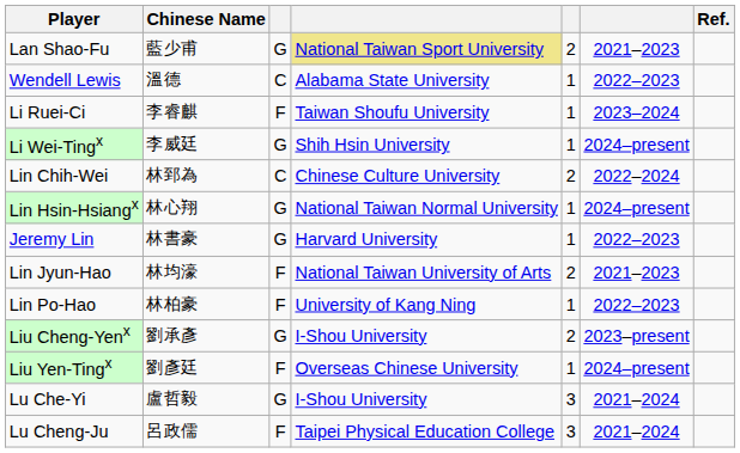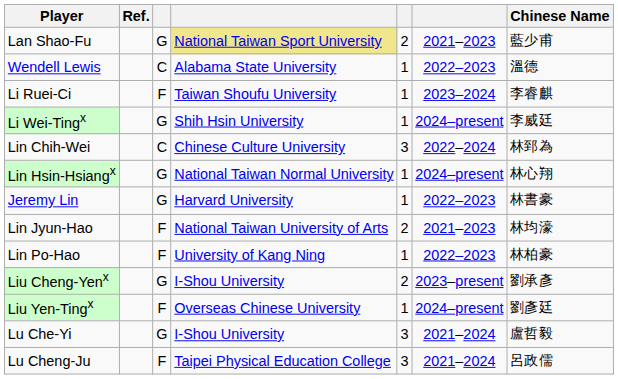 <table class="wikitable sortable" style="font-size:95%; text-align:left;">
 <tr>
 <th>Player</th>
-<th>Chinese Name</th>
+<th>Ref.</th>
 <th></th>
 <th></th>
 <th></th>
 <th></th>
-<th>Ref.</th>
+<th>Chinese Name</th>
 </tr>
 <tr>
 <td>Lan Shao-Fu</td>
-<td>藍少甫</td>
+<td></td>
 <td align="center">G</td>
 <td style="background: khaki;"><a href='#'>National Taiwan Sport University</a></td>
 <td align="center">2</td>
 <td align="center"><a href='#'>2021</a>–<a href='#'>2023</a></td>
-<td></td>
+<td>藍少甫</td>
 </tr>
 <tr>
 <td><a href='#'>Wendell Lewis</a></td>
-<td>溫德</td>
+<td></td>
 <td align="center">C</td>
 <td><a href='#'>Alabama State University</a></td>
 <td align="center">1</td>
 <td align="center"><a href='#'>2022–2023</a></td>
-<td></td>
+<td>溫德</td>
 </tr>
 <tr>
 <td>Li Ruei-Ci</td>
-<td>李睿麒</td>
+<td></td>
 <td align="center">F</td>
 <td><a href='#'>Taiwan Shoufu University</a></td>
 <td align="center">1</td>
 <td align="center"><a href='#'>2023–2024</a></td>
-<td></td>
+<td>李睿麒</td>
 </tr>
 <tr>
 <td bgcolor="#CCFFCC">Li Wei-Ting<sup>x</sup></td>
-<td>李威廷</td>
+<td></td>
 <td align="center">G</td>
 <td><a href='#'>Shih Hsin University</a></td>
 <td align="center">1</td>
 <td align="center"><a href='#'>2024–present</a></td>
-<td></td>
+<td>李威廷</td>
 </tr>
 <tr>
 <td>Lin Chih-Wei</td>
-<td>林郅為</td>
+<td></td>
 <td align="center">C</td>
 <td><a href='#'>Chinese Culture University</a></td>
-<td align="center">2</td>
+<td align="center">3</td>
 <td align="center"><a href='#'>2022</a>–<a href='#'>2024</a></td>
-<td></td>
+<td>林郅為</td>
 </tr>
 <tr>
 <td bgcolor="#CCFFCC">Lin Hsin-Hsiang<sup>x</sup></td>
-<td>林心翔</td>
+<td></td>
 <td align="center">G</td>
 <td><a href='#'>National Taiwan Normal University</a></td>
 <td align="center">1</td>
 <td align="center"><a href='#'>2024–present</a></td>
-<td></td>
+<td>林心翔</td>
 </tr>
 <tr>
 <td><a href='#'>Jeremy Lin</a></td>
-<td>林書豪</td>
+<td></td>
 <td align="center">G</td>
 <td><a href='#'>Harvard University</a></td>
 <td align="center">1</td>
 <td align="center"><a href='#'>2022–2023</a></td>
-<td></td>
+<td>林書豪</td>
 </tr>
 <tr>
 <td>Lin Jyun-Hao</td>
-<td>林均濠</td>
+<td></td>
 <td align="center">F</td>
 <td><a href='#'>National Taiwan University of Arts</a></td>
 <td align="center">2</td>
 <td align="center"><a href='#'>2021</a>–<a href='#'>2023</a></td>
-<td></td>
+<td>林均濠</td>
 </tr>
 <tr>
 <td>Lin Po-Hao</td>
-<td>林柏豪</td>
+<td></td>
 <td align="center">F</td>
 <td><a href='#'>University of Kang Ning</a></td>
 <td align="center">1</td>
 <td align="center"><a href='#'>2022–2023</a></td>
-<td></td>
+<td>林柏豪</td>
 </tr>
 <tr>
 <td bgcolor="#CCFFCC">Liu Cheng-Yen<sup>x</sup></td>
-<td>劉承彥</td>
+<td></td>
 <td align="center">G</td>
 <td><a href='#'>I-Shou University</a></td>
 <td align="center">2</td>
 <td align="center"><a href='#'>2023</a>–<a href='#'>present</a></td>
-<td></td>
+<td>劉承彥</td>
 </tr>
 <tr>
 <td bgcolor="#CCFFCC">Liu Yen-Ting<sup>x</sup></td>
-<td>劉彥廷</td>
+<td></td>
 <td align="center">F</td>
 <td><a href='#'>Overseas Chinese University</a></td>
 <td align="center">1</td>
 <td align="center"><a href='#'>2024–present</a></td>
-<td></td>
+<td>劉彥廷</td>
 </tr>
 <tr>
 <td>Lu Che-Yi</td>
-<td>盧哲毅</td>
+<td></td>
 <td align="center">G</td>
 <td><a href='#'>I-Shou University</a></td>
 <td align="center">3</td>
 <td align="center"><a href='#'>2021</a>–<a href='#'>2024</a></td>
-<td></td>
+<td>盧哲毅</td>
 </tr>
 <tr>
 <td>Lu Cheng-Ju</td>
-<td>呂政儒</td>
+<td></td>
 <td align="center">F</td>
 <td><a href='#'>Taipei Physical Education College</a></td>
 <td align="center">3</td>
 <td align="center"><a href='#'>2021</a>–<a href='#'>2024</a></td>
-<td></td>
+<td>呂政儒</td>
 </tr>
 </table>
